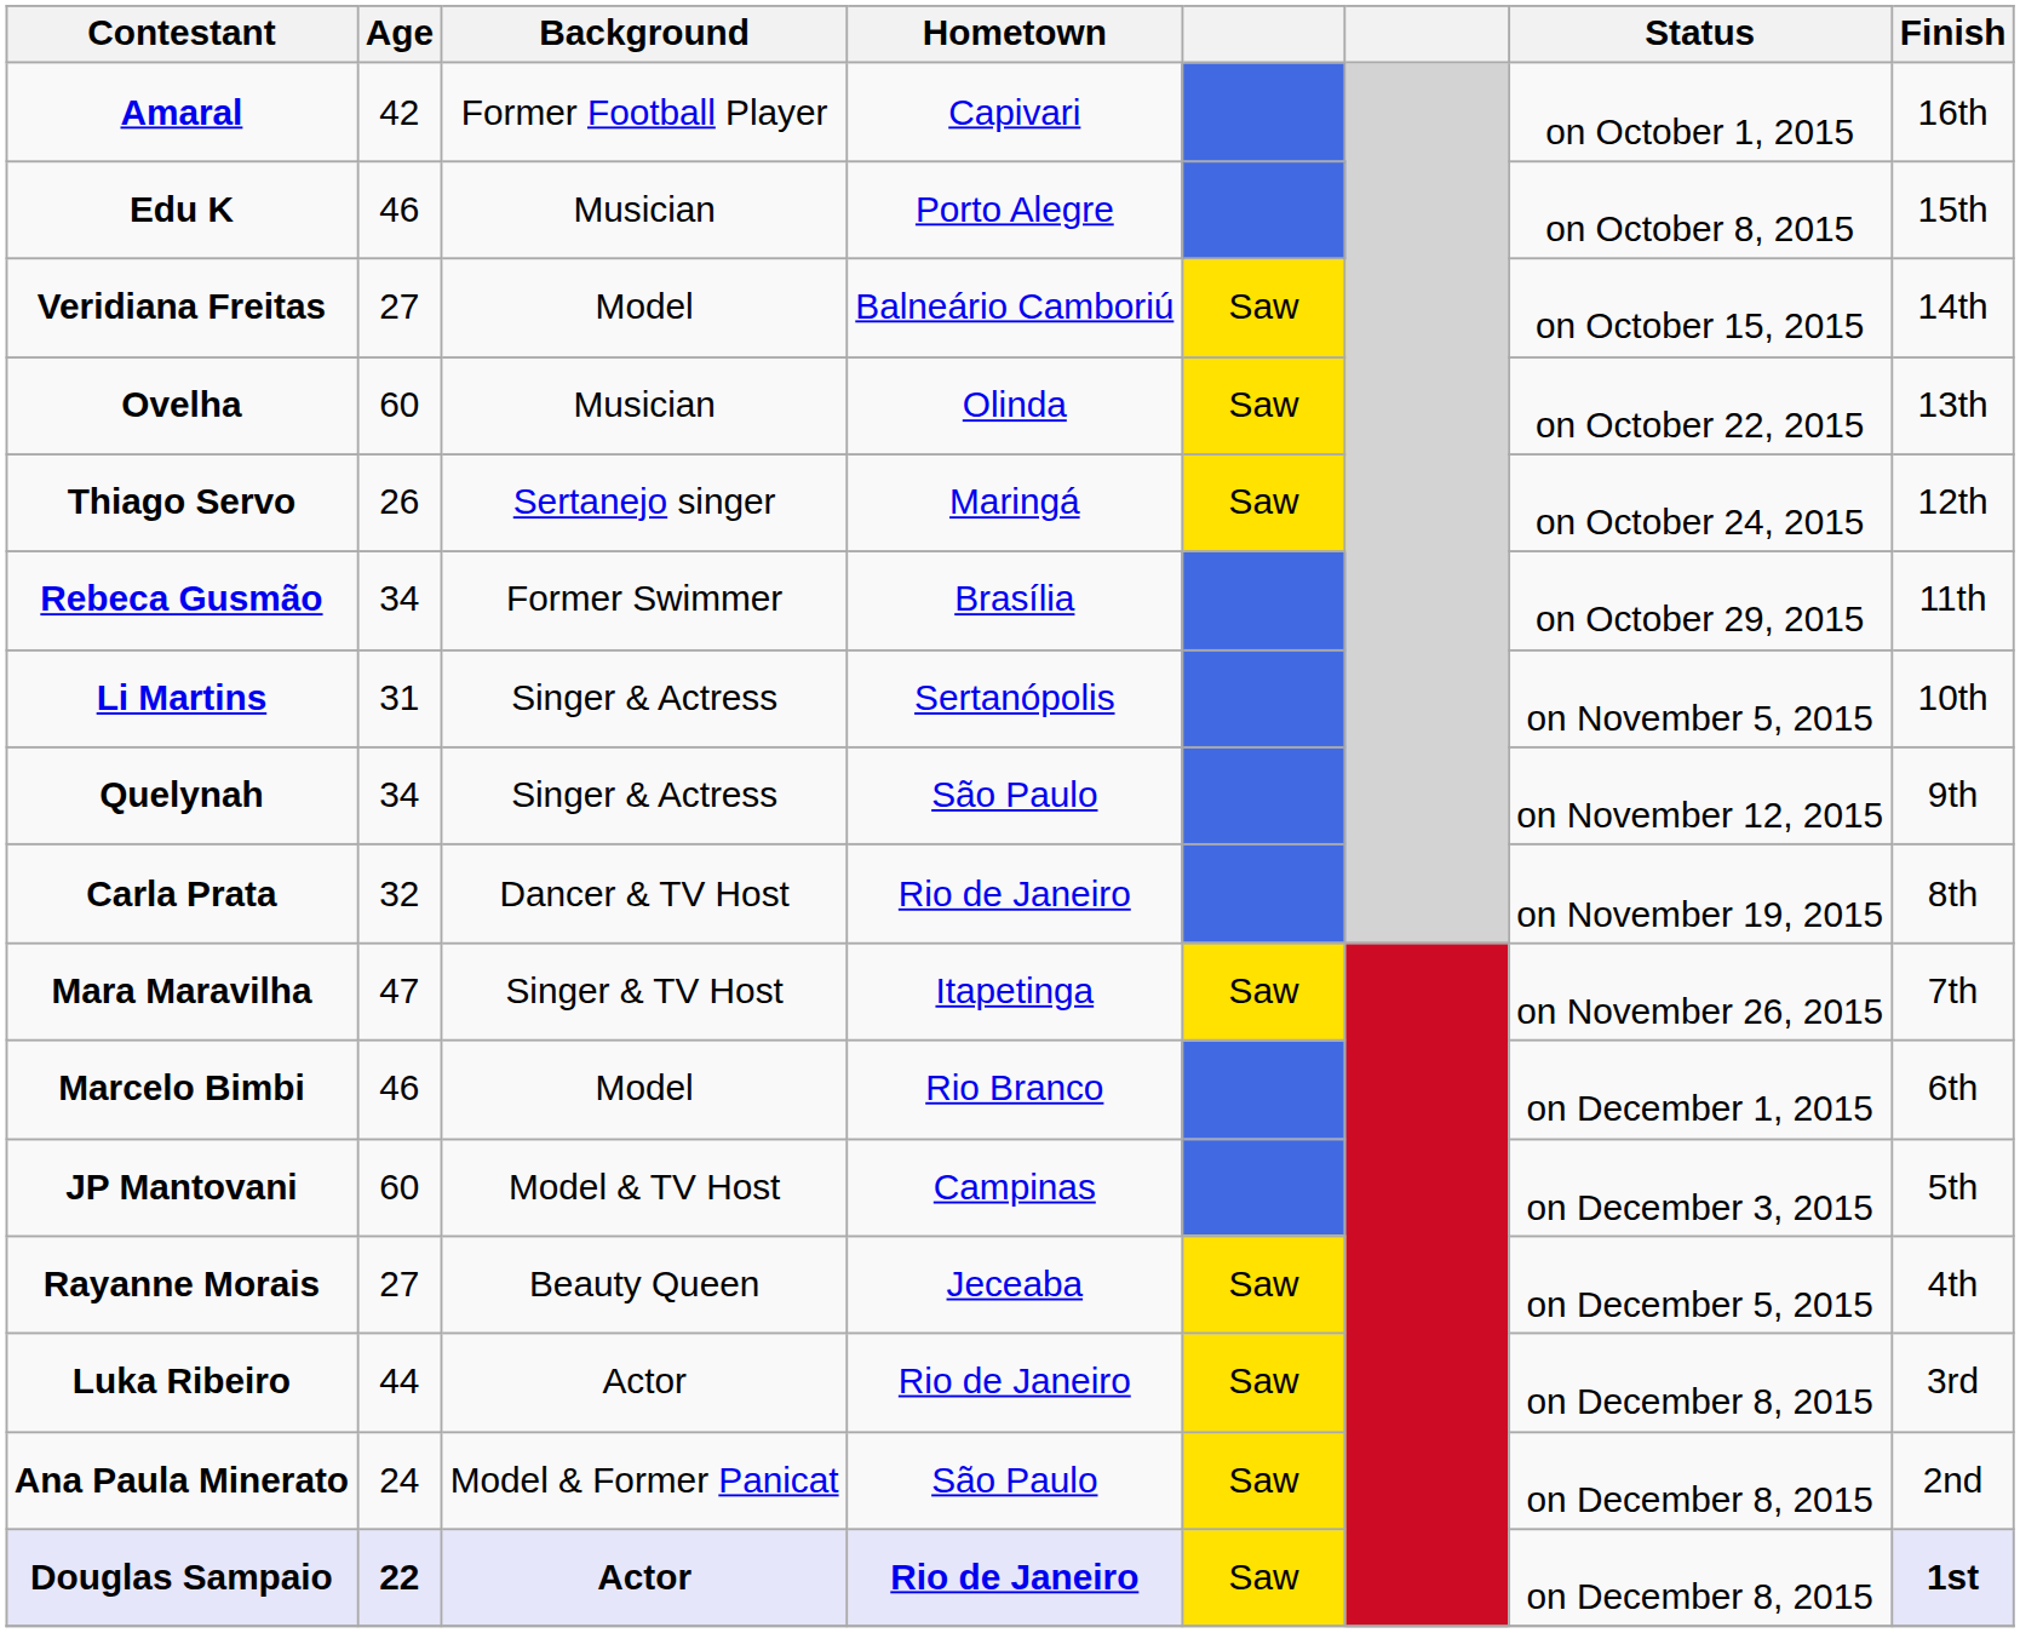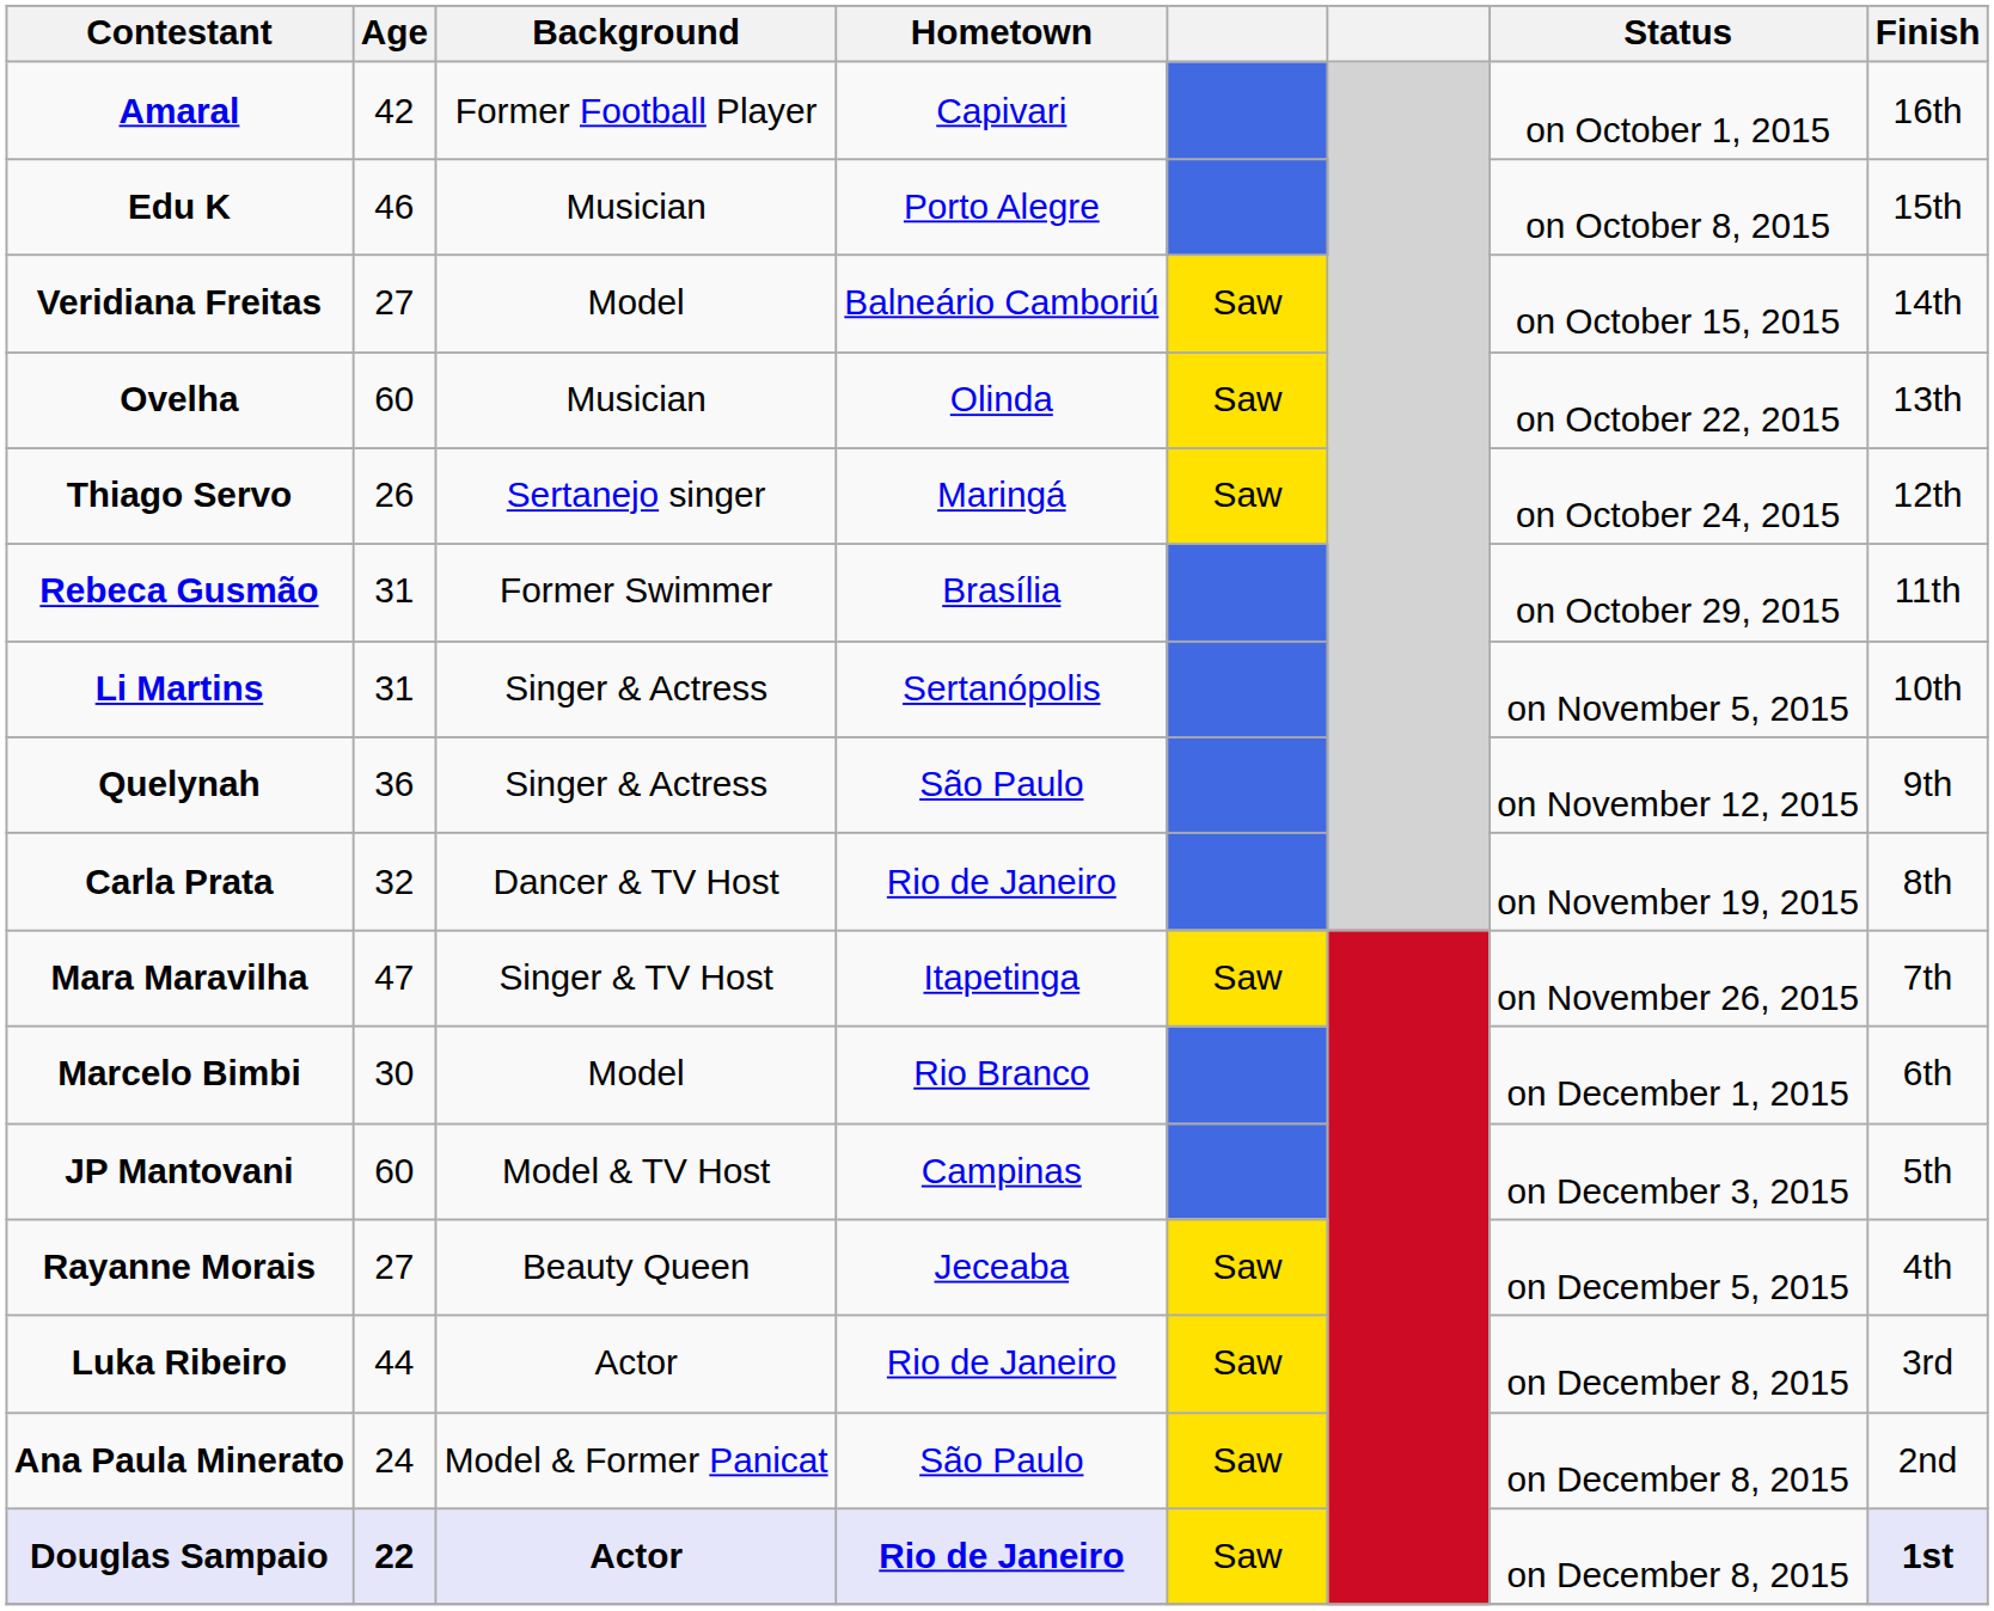 <table class= "wikitable sortable" style="text-align: center; margin:auto; align: center">
 <tr>
 <th>Contestant</th>
 <th>Age</th>
 <th>Background</th>
 <th>Hometown</th>
 <th width=65></th>
 <th width=65></th>
 <th>Status</th>
 <th>Finish</th>
 </tr>
 <tr>
 <td><strong><a href='#'>Amaral</a></strong></td>
 <td>42</td>
 <td nowrap>Former <a href='#'>Football</a> Player</td>
 <td><a href='#'>Capivari</a></td>
 <td bgcolor="4169E1"></td>
 <td bgcolor=lightgray rowspan=9></td>
 <td><br>on October 1, 2015</td>
 <td>16th</td>
 </tr>
 <tr>
 <td><strong>Edu K</strong></td>
 <td>46</td>
 <td>Musician</td>
 <td><a href='#'>Porto Alegre</a></td>
 <td bgcolor="4169E1"></td>
 <td><br>on October 8, 2015</td>
 <td>15th</td>
 </tr>
 <tr>
 <td><strong>Veridiana Freitas</strong></td>
 <td>27</td>
 <td>Model</td>
 <td><a href='#'>Balneário Camboriú</a></td>
 <td bgcolor="FFE200">Saw</td>
 <td><br>on October 15, 2015</td>
 <td>14th</td>
 </tr>
 <tr>
 <td><strong>Ovelha</strong></td>
 <td>60</td>
 <td>Musician</td>
 <td><a href='#'>Olinda</a></td>
 <td bgcolor="FFE200">Saw</td>
 <td><br>on October 22, 2015</td>
 <td>13th</td>
 </tr>
 <tr>
 <td><strong>Thiago Servo</strong></td>
 <td>26</td>
 <td><a href='#'>Sertanejo</a> singer</td>
 <td><a href='#'>Maringá</a></td>
 <td bgcolor="FFE200">Saw</td>
 <td><br>on October 24, 2015</td>
 <td>12th</td>
 </tr>
 <tr>
 <td><strong><a href='#'>Rebeca Gusmão</a></strong></td>
-<td>34</td>
+<td>31</td>
 <td>Former Swimmer</td>
 <td><a href='#'>Brasília</a></td>
 <td bgcolor="4169E1"></td>
 <td><br>on October 29, 2015</td>
 <td>11th</td>
 </tr>
 <tr>
 <td><strong><a href='#'>Li Martins</a></strong></td>
 <td>31</td>
 <td>Singer & Actress</td>
 <td><a href='#'>Sertanópolis</a></td>
 <td bgcolor="4169E1"></td>
 <td><br>on November 5, 2015</td>
 <td>10th</td>
 </tr>
 <tr>
 <td><strong>Quelynah</strong></td>
-<td>34</td>
+<td>36</td>
 <td>Singer & Actress</td>
 <td><a href='#'>São Paulo</a></td>
 <td bgcolor="4169E1"></td>
 <td><br>on November 12, 2015</td>
 <td>9th</td>
 </tr>
 <tr>
 <td><strong>Carla Prata</strong></td>
 <td>32</td>
 <td>Dancer & TV Host</td>
 <td><a href='#'>Rio de Janeiro</a></td>
 <td bgcolor="4169E1"></td>
 <td><br>on November 19, 2015</td>
 <td>8th</td>
 </tr>
 <tr>
 <td><strong>Mara Maravilha</strong></td>
 <td>47</td>
 <td>Singer & TV Host</td>
 <td><a href='#'>Itapetinga</a></td>
 <td bgcolor="FFE200">Saw</td>
 <td bgcolor="CE0B25" rowspan=7></td>
 <td><br>on November 26, 2015</td>
 <td>7th</td>
 </tr>
 <tr>
 <td><strong>Marcelo Bimbi</strong></td>
-<td>46</td>
+<td>30</td>
 <td>Model</td>
 <td><a href='#'>Rio Branco</a></td>
 <td bgcolor="4169E1"></td>
 <td><br>on December 1, 2015</td>
 <td>6th</td>
 </tr>
 <tr>
 <td><strong>JP Mantovani</strong> </td>
 <td>60</td>
 <td>Model & TV Host</td>
 <td><a href='#'>Campinas</a></td>
 <td bgcolor="4169E1"></td>
 <td><br>on December 3, 2015</td>
 <td>5th</td>
 </tr>
 <tr>
 <td><strong>Rayanne Morais</strong></td>
 <td>27</td>
 <td>Beauty Queen</td>
 <td><a href='#'>Jeceaba</a></td>
 <td bgcolor="FFE200">Saw</td>
 <td><br>on December 5, 2015</td>
 <td>4th</td>
 </tr>
 <tr>
 <td><strong>Luka Ribeiro</strong></td>
 <td>44</td>
 <td>Actor</td>
 <td><a href='#'>Rio de Janeiro</a></td>
 <td bgcolor="FFE200">Saw</td>
 <td><br>on December 8, 2015</td>
 <td>3rd</td>
 </tr>
 <tr>
 <td nowrap><strong>Ana Paula Minerato</strong></td>
 <td>24</td>
 <td>Model & Former <a href='#'>Panicat</a></td>
 <td><a href='#'>São Paulo</a></td>
 <td bgcolor="FFE200">Saw</td>
 <td><br>on December 8, 2015</td>
 <td>2nd</td>
 </tr>
 <tr>
 <td bgcolor="E6E6FA"><strong>Douglas Sampaio</strong></td>
 <td bgcolor="E6E6FA"><strong>22</strong></td>
 <td bgcolor="E6E6FA"><strong>Actor</strong></td>
 <td bgcolor="E6E6FA"><strong><a href='#'>Rio de Janeiro</a></strong></td>
 <td bgcolor="FFE200">Saw</td>
 <td><br>on December 8, 2015</td>
 <td bgcolor="E6E6FA"><strong>1st</strong></td>
 </tr>
 <tr>
 </tr>
 </table>
